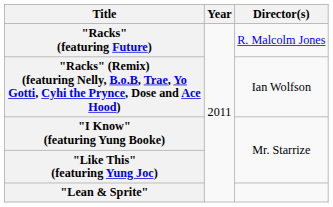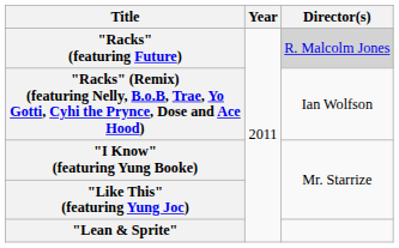 <table class="wikitable plainrowheaders" style="text-align:center;">
 <tr>
 <th scope="col" style="width:16em;">Title</th>
 <th scope="col">Year</th>
 <th scope="col">Director(s)</th>
 </tr>
 <tr>
 <th scope="row">"Racks"<br><span>(featuring <a href='#'>Future</a>)</span></th>
 <td rowspan="5">2011</td>
-<td><a href='#'>R. Malcolm Jones</a></td>
+<td style="background: lightgrey;"><a href='#'>R. Malcolm Jones</a></td>
 </tr>
 <tr>
 <th scope="row">"Racks" (Remix)<br><span>(featuring Nelly, <a href='#'>B.o.B</a>, <a href='#'>Trae</a>, <a href='#'>Yo Gotti</a>, <a href='#'>Cyhi the Prynce</a>, Dose and <a href='#'>Ace Hood</a>)</span></th>
 <td>Ian Wolfson</td>
 </tr>
 <tr>
 <th scope="row">"I Know"<br><span>(featuring Yung Booke)</span></th>
 <td rowspan="2">Mr. Starrize</td>
 </tr>
 <tr>
 <th scope="row">"Like This"<br><span>(featuring <a href='#'>Yung Joc</a>)</span></th>
 </tr>
 <tr>
 <th scope="row">"Lean & Sprite"</th>
 <td></td>
 </tr>
 </table>
